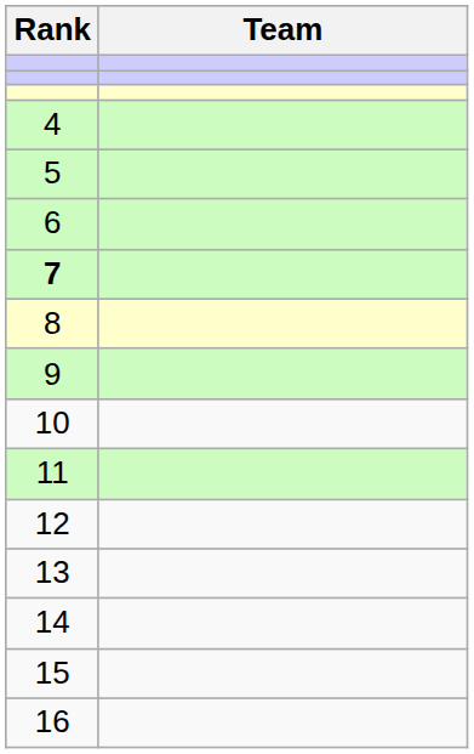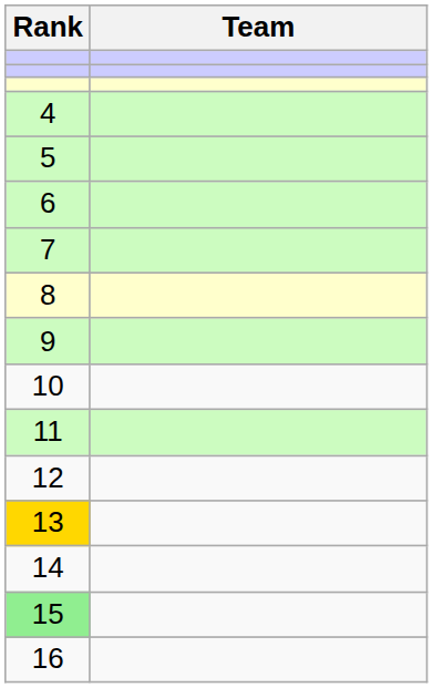 <table class="wikitable" style="text-align: center;">
 <tr>
 <th width=40>Rank</th>
 <th width=180>Team</th>
 </tr>
 <tr bgcolor=#ccccff>
 <td></td>
 <td align="left"></td>
 </tr>
 <tr bgcolor=#ccccff>
 <td></td>
 <td align="left"></td>
 </tr>
 <tr bgcolor=#ffffcc>
 <td></td>
 <td align="left"></td>
 </tr>
 <tr bgcolor=#ccffccc>
 <td>4</td>
 <td align="left"></td>
 </tr>
 <tr bgcolor=#ccffccc>
 <td>5</td>
 <td align="left"></td>
 </tr>
 <tr bgcolor=#ccffccc>
 <td>6</td>
 <td align="left"></td>
 </tr>
 <tr bgcolor=#ccffccc>
-<td><strong>7</strong></td>
+<td>7</td>
 <td align="left"></td>
 </tr>
 <tr bgcolor=#ffffcc>
 <td>8</td>
 <td align="left"></td>
 </tr>
 <tr bgcolor=#ccffccc>
 <td>9</td>
 <td align="left"></td>
 </tr>
 <tr>
 <td>10</td>
 <td align="left"></td>
 </tr>
 <tr bgcolor=#ccffccc>
 <td>11</td>
 <td align="left"></td>
 </tr>
 <tr>
 <td>12</td>
 <td align="left"></td>
 </tr>
 <tr>
-<td>13</td>
+<td style="background: gold;">13</td>
 <td align="left"></td>
 </tr>
 <tr>
 <td>14</td>
 <td align="left"></td>
 </tr>
 <tr>
-<td>15</td>
+<td style="background: lightgreen;">15</td>
 <td align="left"></td>
 </tr>
 <tr>
 <td>16</td>
 <td align="left"></td>
 </tr>
 </table>
